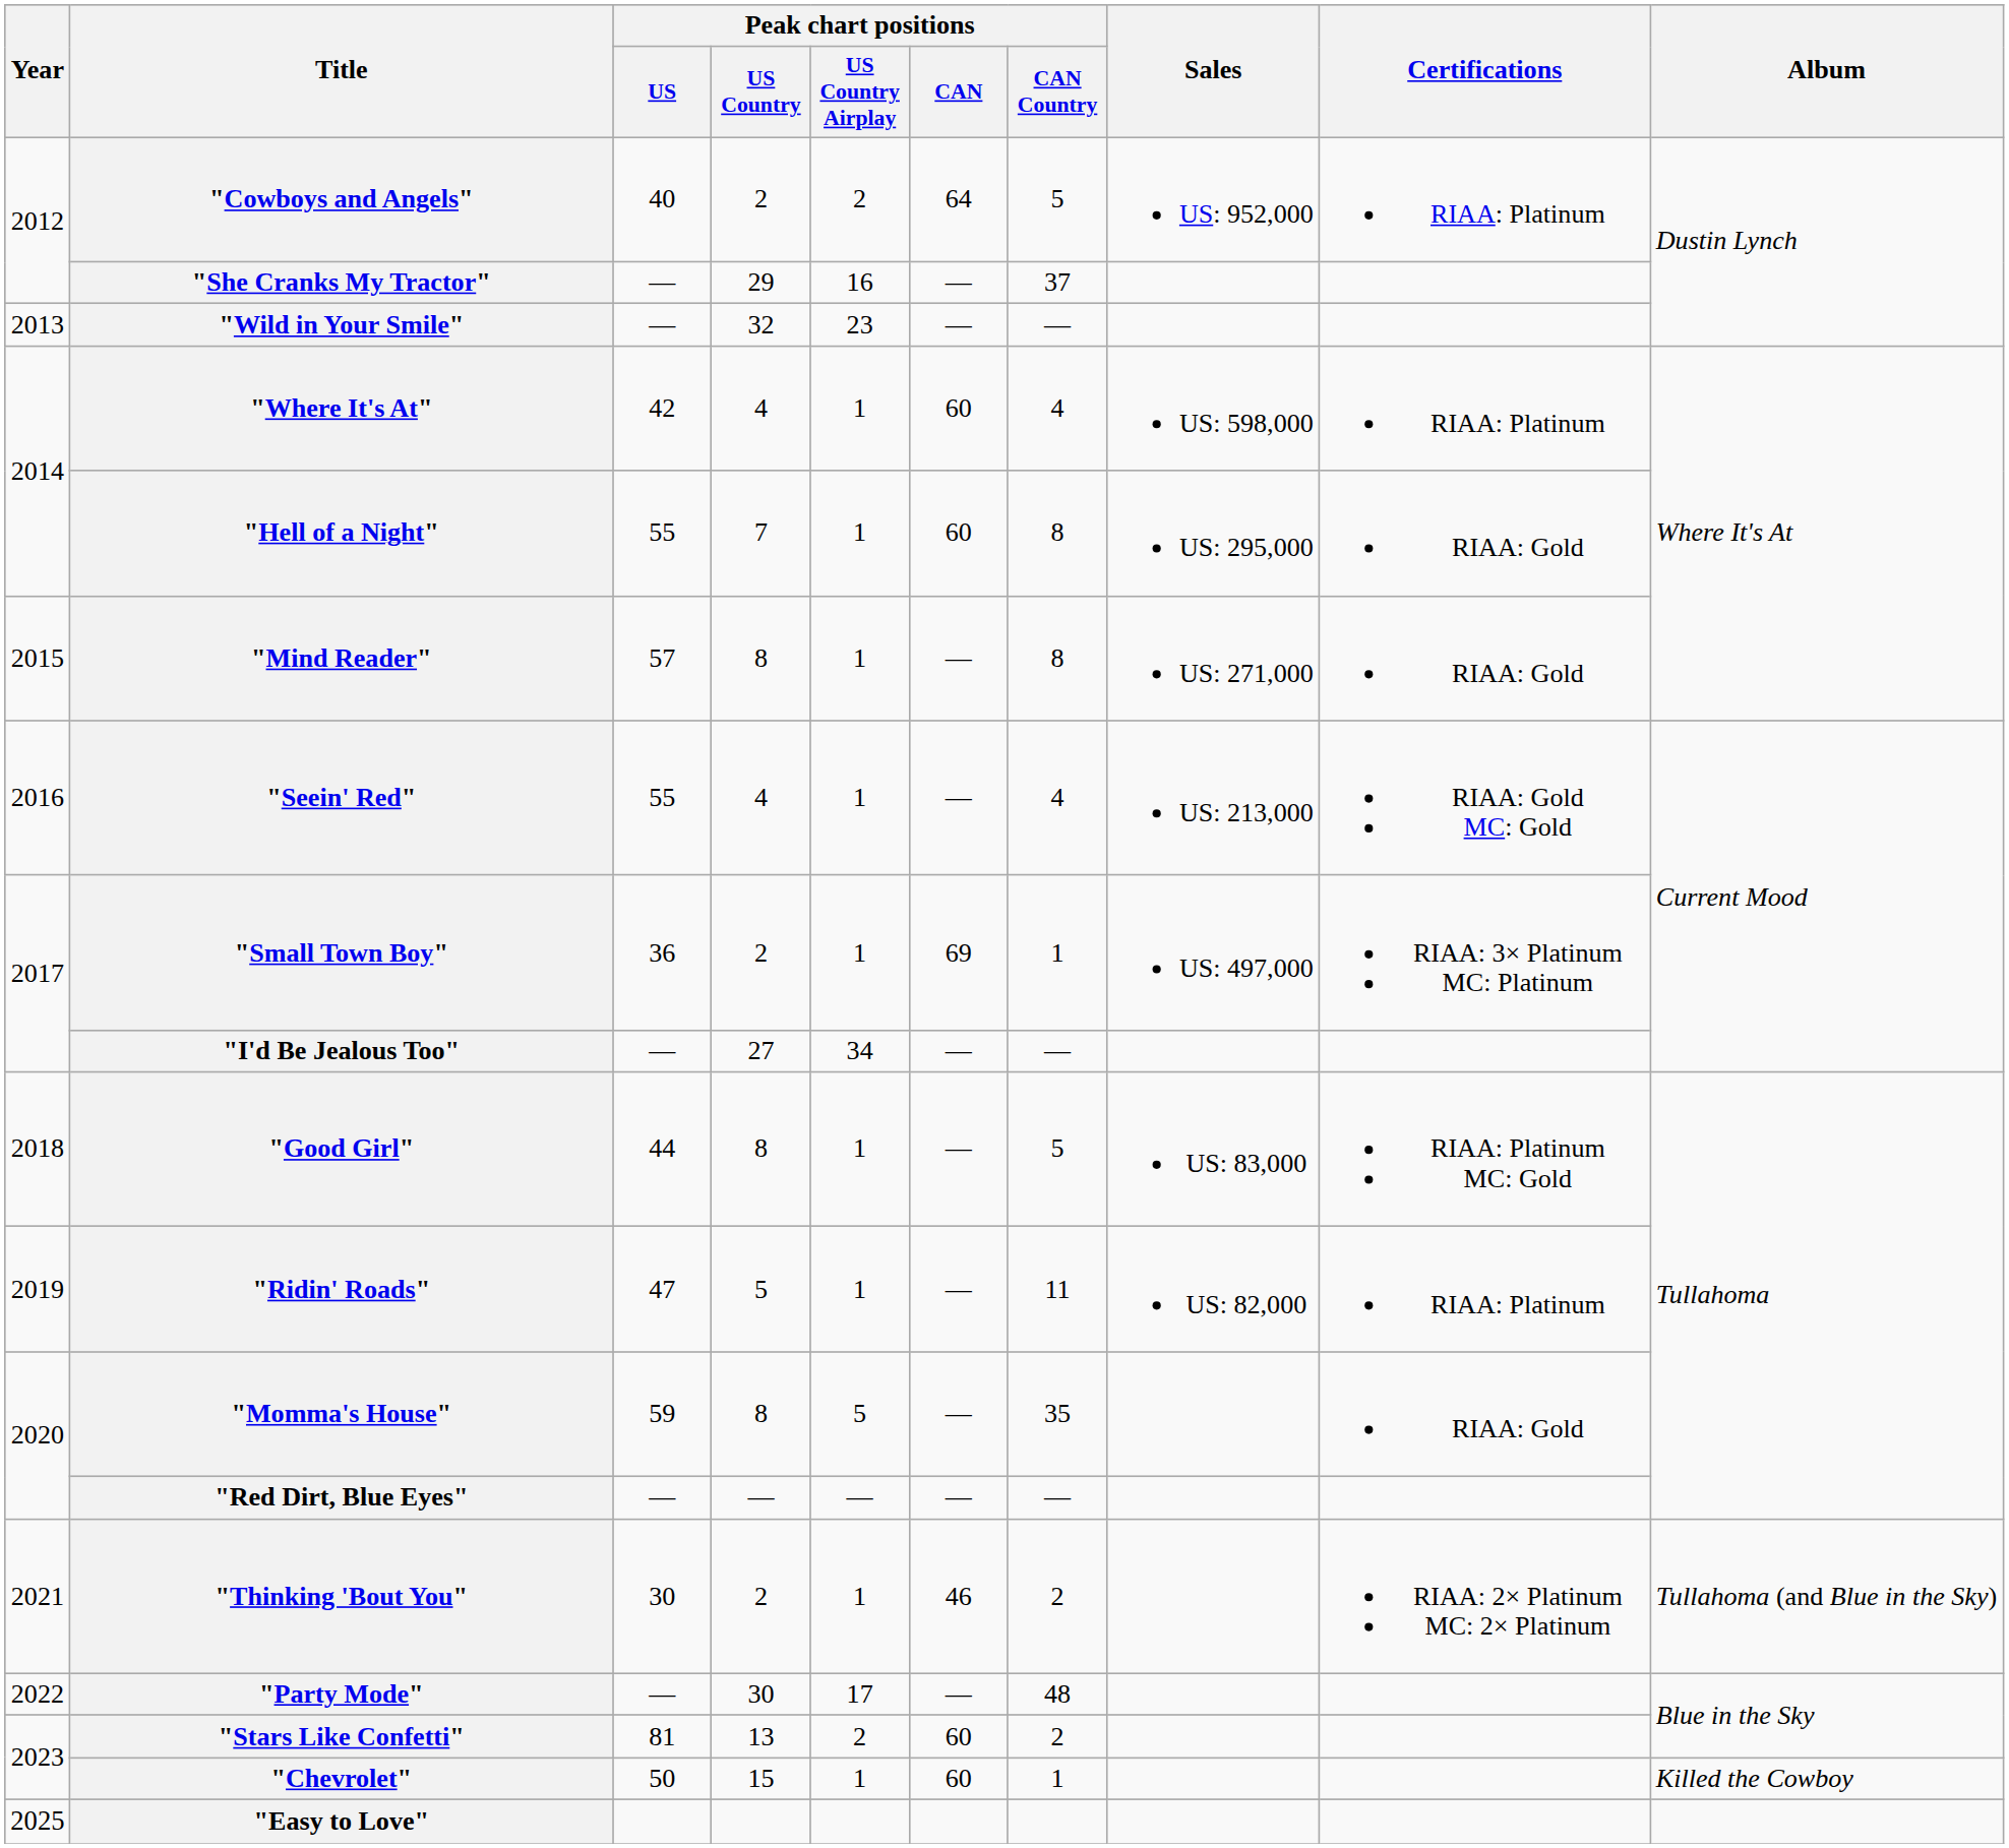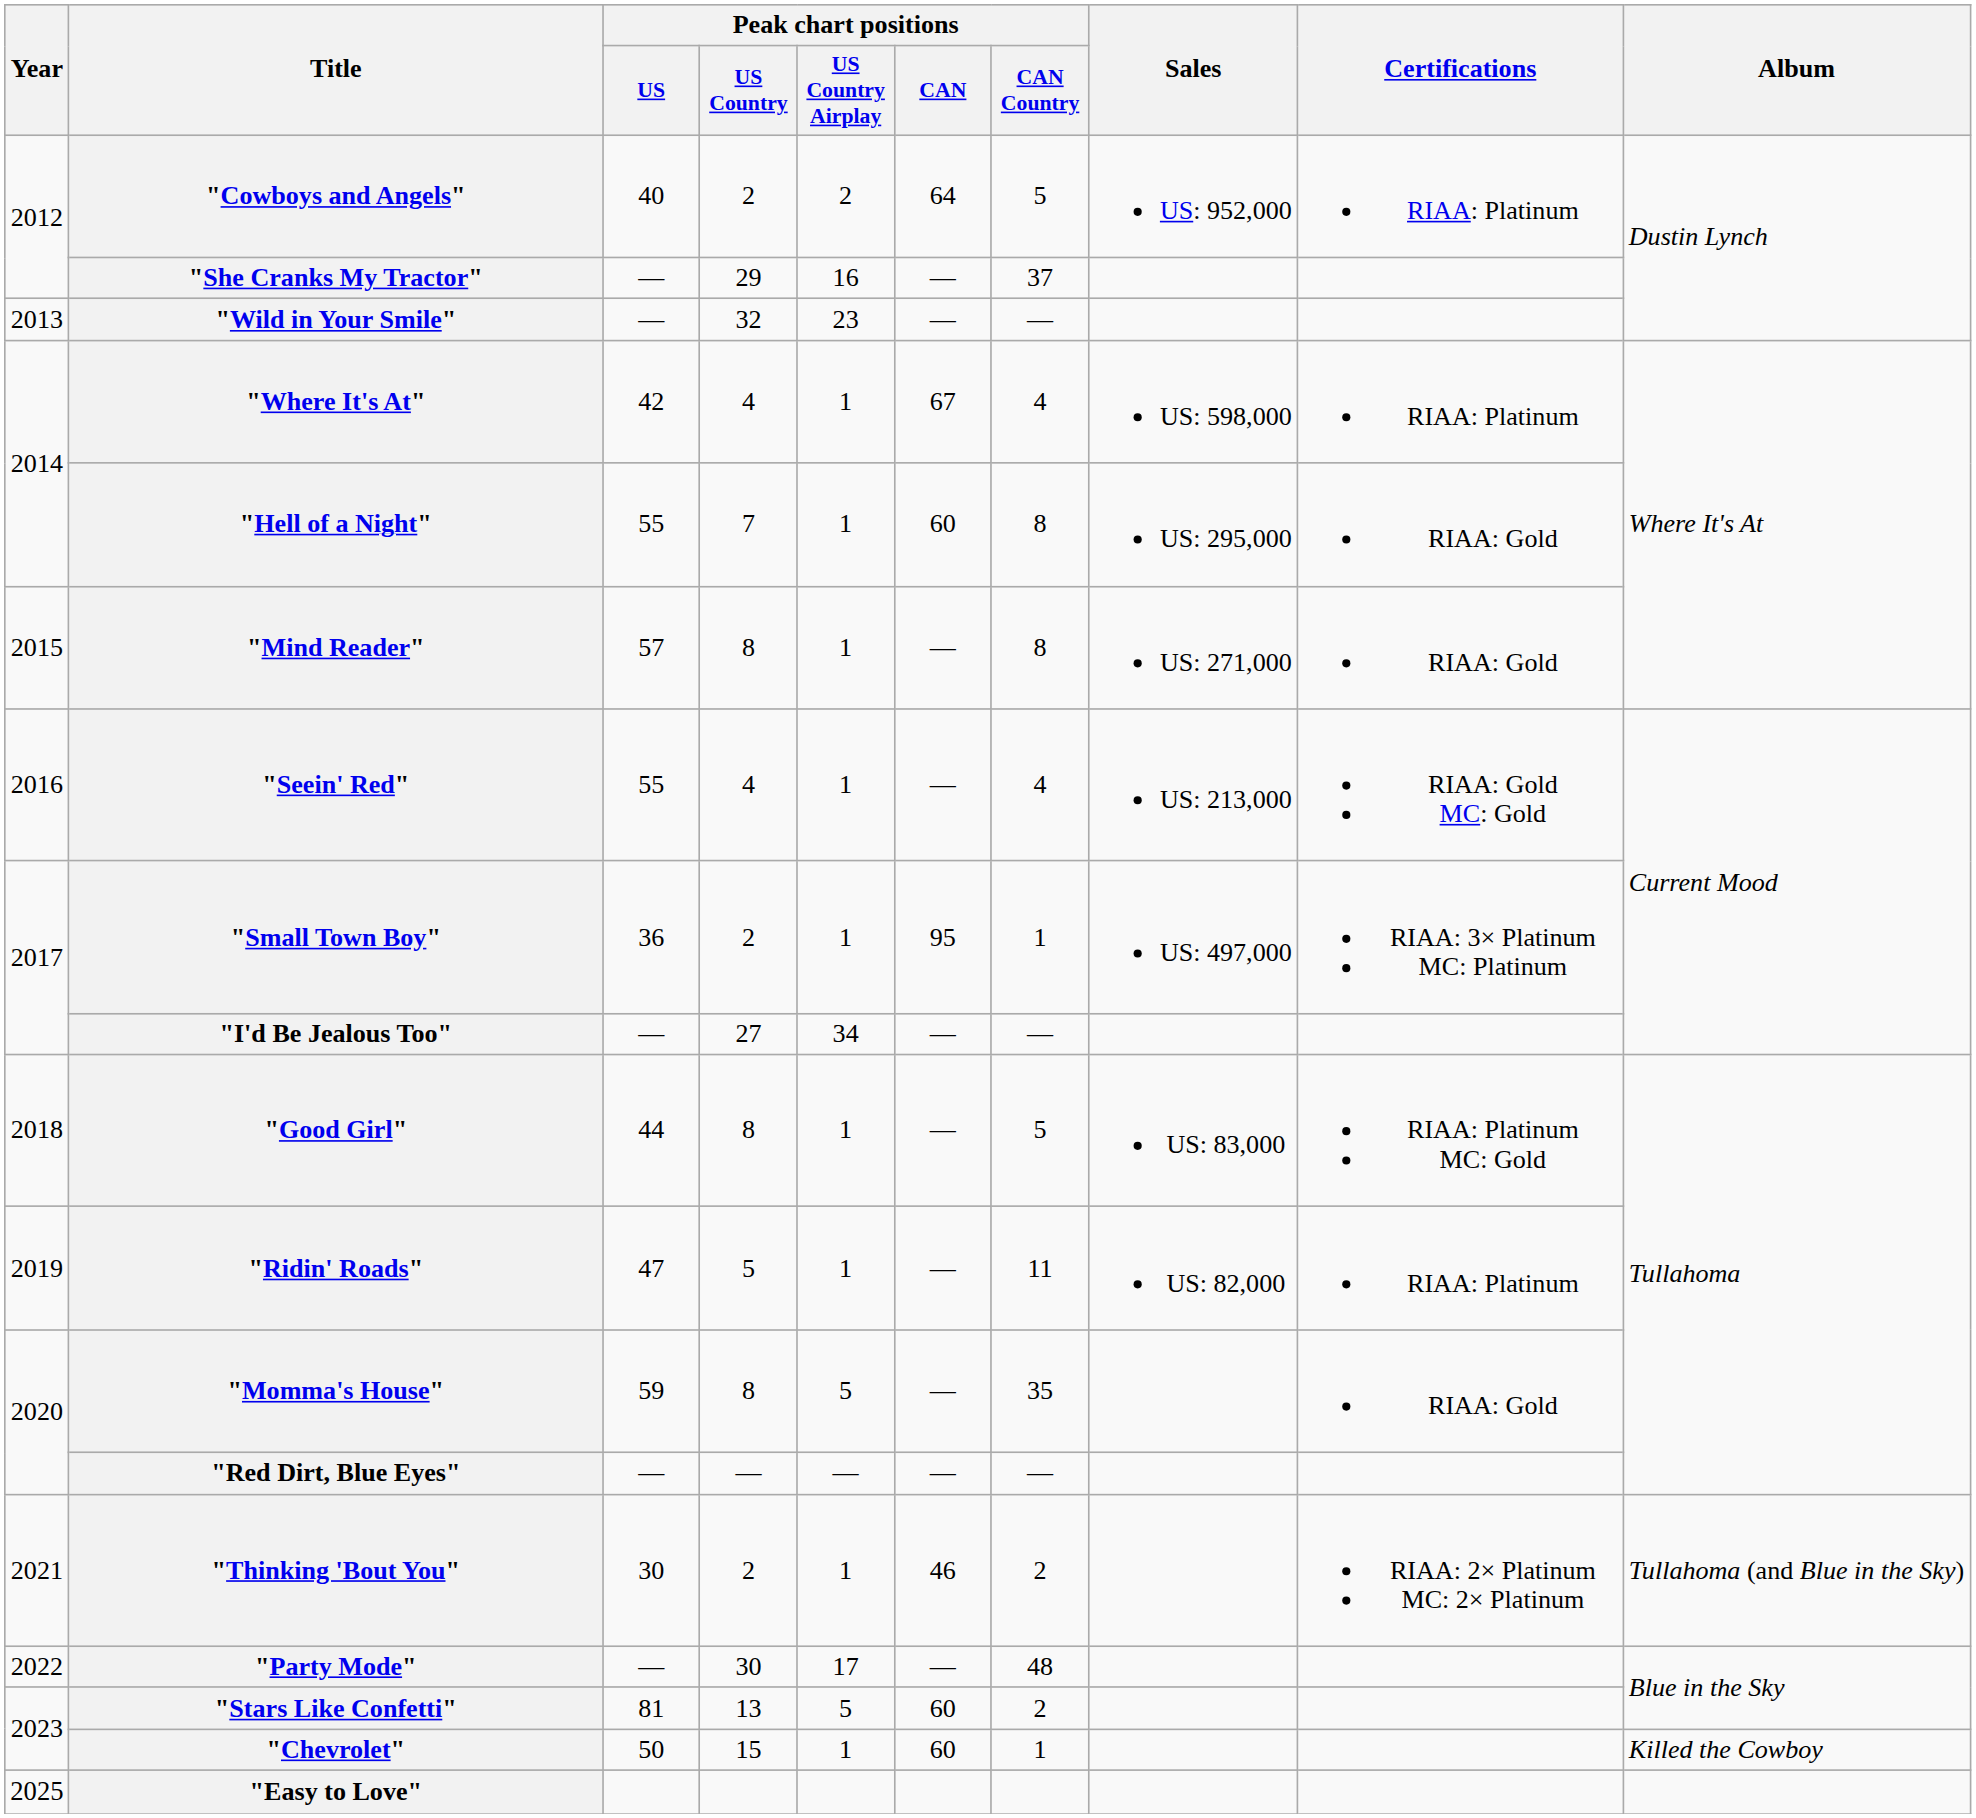 <table class="wikitable plainrowheaders" style="text-align:center;">
 <tr>
 <th scope="col" rowspan="2">Year</th>
 <th scope="col" rowspan="2" style="width:20em;">Title</th>
 <th scope="col" colspan="5">Peak chart positions</th>
 <th scope="col" rowspan="2">Sales</th>
 <th scope="col" rowspan="2" style="width:12em;"><a href='#'>Certifications</a></th>
 <th scope="col" rowspan="2">Album</th>
 </tr>
 <tr style="font-size:smaller;">
 <th scope="col" style="width:4em;"><a href='#'>US</a><br></th>
 <th scope="col" style="width:4em;"><a href='#'>US Country</a><br></th>
 <th scope="col" style="width:4em;"><a href='#'>US Country Airplay</a><br></th>
 <th scope="col" style="width:4em;"><a href='#'>CAN</a><br></th>
 <th scope="col" style="width:4em;"><a href='#'>CAN Country</a><br></th>
 </tr>
 <tr>
 <td rowspan="2">2012</td>
 <th scope="row">"<a href='#'>Cowboys and Angels</a>"</th>
 <td>40</td>
 <td>2</td>
 <td>2</td>
 <td>64</td>
 <td>5</td>
 <td><br><ul><li><a href='#'>US</a>: 952,000</li></ul></td>
 <td><br><ul><li><a href='#'>RIAA</a>: Platinum</li></ul></td>
 <td style="text-align:left;" rowspan="3"><em>Dustin Lynch</em></td>
 </tr>
 <tr>
 <th scope="row">"<a href='#'>She Cranks My Tractor</a>"</th>
 <td>—</td>
 <td>29</td>
 <td>16</td>
 <td>—</td>
 <td>37</td>
 <td></td>
 <td></td>
 </tr>
 <tr>
 <td>2013</td>
 <th scope="row">"<a href='#'>Wild in Your Smile</a>"</th>
 <td>—</td>
 <td>32</td>
 <td>23</td>
 <td>—</td>
 <td>—</td>
 <td></td>
 <td></td>
 </tr>
 <tr>
 <td rowspan="2">2014</td>
 <th scope="row">"<a href='#'>Where It's At</a>"</th>
 <td>42</td>
 <td>4</td>
 <td>1</td>
-<td>60</td>
+<td>67</td>
 <td>4</td>
 <td><br><ul><li>US: 598,000</li></ul></td>
 <td><br><ul><li>RIAA: Platinum</li></ul></td>
 <td style="text-align:left;" rowspan="3"><em>Where It's At</em></td>
 </tr>
 <tr>
 <th scope="row">"<a href='#'>Hell of a Night</a>"</th>
 <td>55</td>
 <td>7</td>
 <td>1</td>
 <td>60</td>
 <td>8</td>
 <td><br><ul><li>US: 295,000</li></ul></td>
 <td><br><ul><li>RIAA: Gold</li></ul></td>
 </tr>
 <tr>
 <td>2015</td>
 <th scope="row">"<a href='#'>Mind Reader</a>"</th>
 <td>57</td>
 <td>8</td>
 <td>1</td>
 <td>—</td>
 <td>8</td>
 <td><br><ul><li>US: 271,000</li></ul></td>
 <td><br><ul><li>RIAA: Gold</li></ul></td>
 </tr>
 <tr>
 <td>2016</td>
 <th scope="row">"<a href='#'>Seein' Red</a>"</th>
 <td>55</td>
 <td>4</td>
 <td>1</td>
 <td>—</td>
 <td>4</td>
 <td><br><ul><li>US: 213,000</li></ul></td>
 <td><br><ul><li>RIAA: Gold</li><li><a href='#'>MC</a>: Gold</li></ul></td>
 <td style="text-align:left;" rowspan="3"><em>Current Mood</em></td>
 </tr>
 <tr>
 <td rowspan="2">2017</td>
 <th scope="row">"<a href='#'>Small Town Boy</a>"</th>
 <td>36</td>
 <td>2</td>
 <td>1</td>
-<td>69</td>
+<td>95</td>
 <td>1</td>
 <td><br><ul><li>US: 497,000</li></ul></td>
 <td><br><ul><li>RIAA: 3× Platinum</li><li>MC: Platinum</li></ul></td>
 </tr>
 <tr>
 <th scope="row">"I'd Be Jealous Too"</th>
 <td>—</td>
 <td>27</td>
 <td>34</td>
 <td>—</td>
 <td>—</td>
 <td></td>
 <td></td>
 </tr>
 <tr>
 <td>2018</td>
 <th scope="row">"<a href='#'>Good Girl</a>"</th>
 <td>44</td>
 <td>8</td>
 <td>1</td>
 <td>—</td>
 <td>5</td>
 <td><br><ul><li>US: 83,000</li></ul></td>
 <td><br><ul><li>RIAA: Platinum</li><li>MC: Gold</li></ul></td>
 <td style="text-align:left;" rowspan="4"><em>Tullahoma</em></td>
 </tr>
 <tr>
 <td>2019</td>
 <th scope="row">"<a href='#'>Ridin' Roads</a>"</th>
 <td>47</td>
 <td>5</td>
 <td>1</td>
 <td>—</td>
 <td>11</td>
 <td><br><ul><li>US: 82,000</li></ul></td>
 <td><br><ul><li>RIAA: Platinum</li></ul></td>
 </tr>
 <tr>
 <td rowspan="2”">2020</td>
 <th scope="row">"<a href='#'>Momma's House</a>"</th>
 <td>59</td>
 <td>8</td>
 <td>5</td>
 <td>—</td>
 <td>35</td>
 <td></td>
 <td><br><ul><li>RIAA: Gold</li></ul></td>
 </tr>
 <tr>
 <th scope="row">"Red Dirt, Blue Eyes"</th>
 <td>—</td>
 <td>—</td>
 <td>—</td>
 <td>—</td>
 <td>—</td>
 <td></td>
 <td></td>
 </tr>
 <tr>
 <td>2021</td>
 <th scope="row">"<a href='#'>Thinking 'Bout You</a>"<br></th>
 <td>30</td>
 <td>2</td>
 <td>1</td>
 <td>46</td>
 <td>2</td>
 <td></td>
 <td><br><ul><li>RIAA: 2× Platinum</li><li>MC: 2× Platinum</li></ul></td>
 <td style="text-align:left;"><em>Tullahoma</em> (and <em>Blue in the Sky</em>)</td>
 </tr>
 <tr>
 <td>2022</td>
 <th scope="row">"<a href='#'>Party Mode</a>"</th>
 <td>—</td>
 <td>30</td>
 <td>17</td>
 <td>—</td>
 <td>48</td>
 <td></td>
 <td></td>
 <td rowspan="2" style="text-align:left;"><em>Blue in the Sky</em></td>
 </tr>
 <tr>
 <td rowspan="2">2023</td>
 <th scope="row">"<a href='#'>Stars Like Confetti</a>"</th>
 <td>81</td>
 <td>13</td>
-<td>2</td>
+<td>5</td>
 <td>60</td>
 <td>2</td>
 <td></td>
 <td></td>
 </tr>
 <tr>
 <th scope="row">"<a href='#'>Chevrolet</a>"<br></th>
 <td>50</td>
 <td>15</td>
 <td>1</td>
 <td>60</td>
 <td>1</td>
 <td></td>
 <td></td>
 <td style="text-align:left;"><em>Killed the Cowboy</em></td>
 </tr>
 <tr>
 <td style="font-size:85%"><big>2025</big></td>
 <th scope="row">"Easy to Love"</th>
 <td></td>
 <td></td>
 <td></td>
 <td></td>
 <td></td>
 <td></td>
 <td></td>
 <td></td>
 </tr>
 </table>
